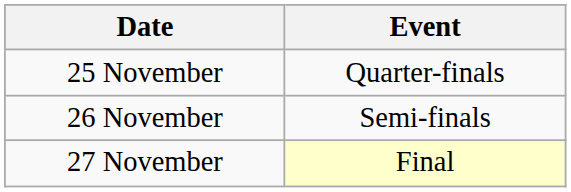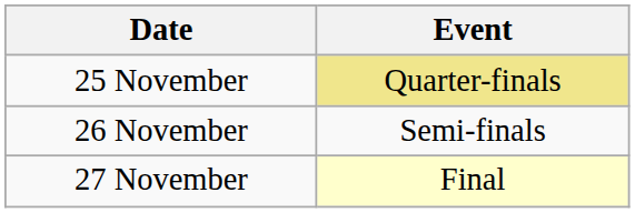 <table class = "wikitable" style="text-align:center;">
 <tr>
 <th width=150>Date</th>
 <th width=150>Event</th>
 </tr>
 <tr>
 <td>25 November</td>
-<td>Quarter-finals</td>
+<td style="background: khaki;">Quarter-finals</td>
 </tr>
 <tr>
 <td>26 November</td>
 <td>Semi-finals</td>
 </tr>
 <tr>
 <td>27 November</td>
 <td bgcolor=ffffcc>Final</td>
 </tr>
 </table>
